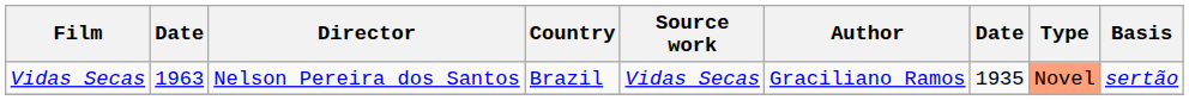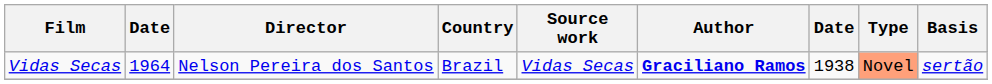 <table class="wikitable">
 <tr>
 <th>Film</th>
 <th>Date</th>
 <th>Director</th>
 <th>Country</th>
 <th>Source<br>work</th>
 <th>Author</th>
 <th>Date</th>
 <th>Type</th>
 <th>Basis</th>
 </tr>
 <tr>
 <td><em><a href='#'>Vidas Secas</a></em></td>
-<td><a href='#'>1963</a></td>
+<td><a href='#'>1964</a></td>
 <td><a href='#'>Nelson Pereira dos Santos</a></td>
 <td><a href='#'>Brazil</a></td>
 <td><em><a href='#'>Vidas Secas</a></em></td>
-<td><a href='#'>Graciliano Ramos</a></td>
-<td>1935</td>
+<td><strong><a href='#'>Graciliano Ramos</a></strong></td>
+<td>1938</td>
 <td style="background: lightsalmon;">Novel</td>
 <td><em><a href='#'>sertão</a></em></td>
 </tr>
 <tr>
 </tr>
 </table>
